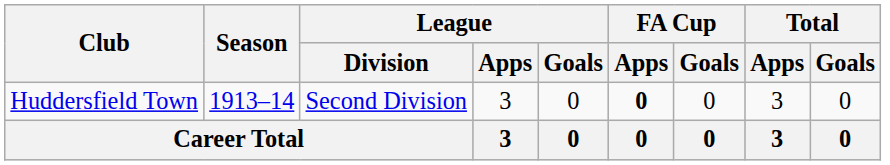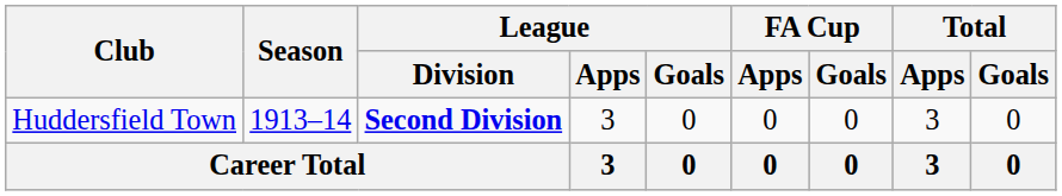 <table class="wikitable" style="text-align:center">
 <tr>
 <th rowspan="2">Club</th>
 <th rowspan="2">Season</th>
 <th colspan="3">League</th>
 <th colspan="2">FA Cup</th>
 <th colspan="2">Total</th>
 </tr>
 <tr>
 <th>Division</th>
 <th>Apps</th>
 <th>Goals</th>
 <th>Apps</th>
 <th>Goals</th>
 <th>Apps</th>
 <th>Goals</th>
 </tr>
 <tr>
 <td><a href='#'>Huddersfield Town</a></td>
 <td><a href='#'>1913–14</a></td>
-<td><a href='#'>Second Division</a></td>
+<td><strong><a href='#'>Second Division</a></strong></td>
 <td>3</td>
 <td>0</td>
-<td><strong>0</strong></td>
+<td>0</td>
 <td>0</td>
 <td>3</td>
 <td>0</td>
 </tr>
 <tr>
 <th colspan="3">Career Total</th>
 <th>3</th>
 <th>0</th>
 <th>0</th>
 <th>0</th>
 <th>3</th>
 <th>0</th>
 </tr>
 </table>
